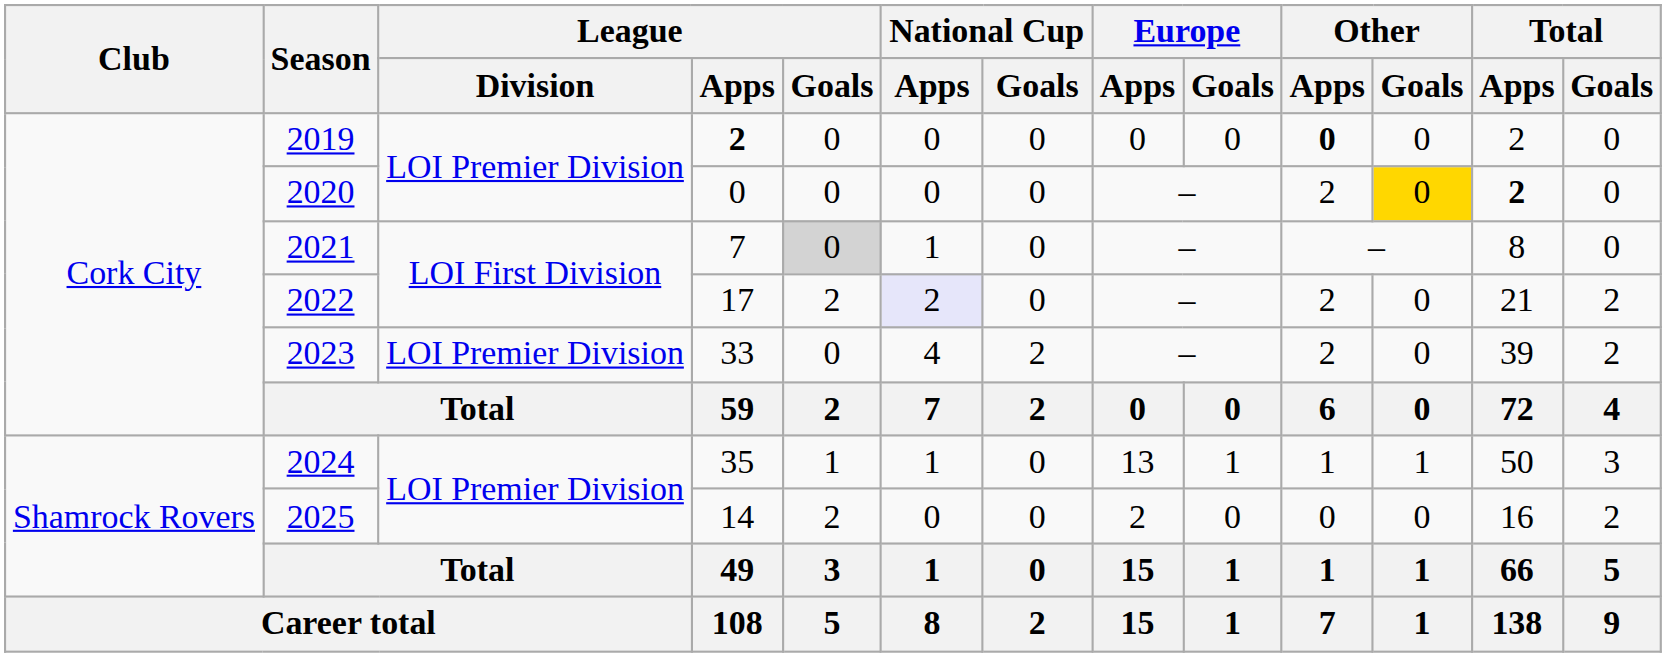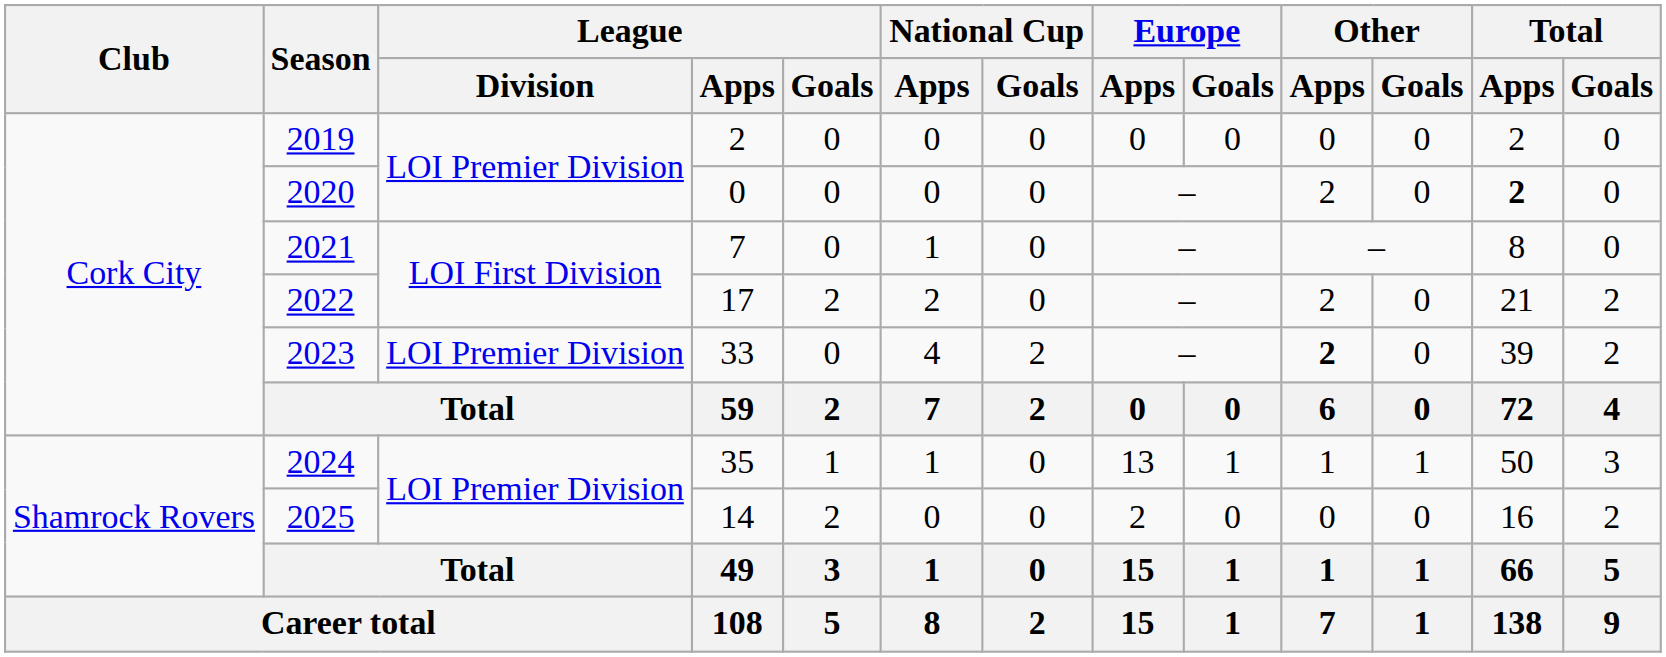 <table class=wikitable style="text-align: center">
 <tr>
 <th rowspan=2>Club</th>
 <th rowspan=2>Season</th>
 <th colspan=3>League</th>
 <th colspan=2>National Cup</th>
 <th colspan=2><a href='#'>Europe</a></th>
 <th colspan=2>Other</th>
 <th colspan=2>Total</th>
 </tr>
 <tr>
 <th>Division</th>
 <th>Apps</th>
 <th>Goals</th>
 <th>Apps</th>
 <th>Goals</th>
 <th>Apps</th>
 <th>Goals</th>
 <th>Apps</th>
 <th>Goals</th>
 <th>Apps</th>
 <th>Goals</th>
 </tr>
 <tr>
 <td rowspan="6"><a href='#'>Cork City</a></td>
 <td><a href='#'>2019</a></td>
 <td rowspan="2"><a href='#'>LOI Premier Division</a></td>
-<td><strong>2</strong></td>
+<td>2</td>
 <td>0</td>
 <td>0</td>
 <td>0</td>
 <td>0</td>
 <td>0</td>
-<td><strong>0</strong></td>
+<td>0</td>
 <td>0</td>
 <td>2</td>
 <td>0</td>
 </tr>
 <tr>
 <td><a href='#'>2020</a></td>
 <td>0</td>
 <td>0</td>
 <td>0</td>
 <td>0</td>
 <td colspan="2">–</td>
 <td>2</td>
-<td style="background: gold;">0</td>
+<td>0</td>
 <td><strong>2</strong></td>
 <td>0</td>
 </tr>
 <tr>
 <td><a href='#'>2021</a></td>
 <td rowspan="2"><a href='#'>LOI First Division</a></td>
 <td>7</td>
-<td style="background: lightgrey;">0</td>
+<td>0</td>
 <td>1</td>
 <td>0</td>
 <td colspan="2">–</td>
 <td colspan="2">–</td>
 <td>8</td>
 <td>0</td>
 </tr>
 <tr>
 <td><a href='#'>2022</a></td>
 <td>17</td>
 <td>2</td>
-<td style="background: lavender;">2</td>
+<td>2</td>
 <td>0</td>
 <td colspan="2">–</td>
 <td>2</td>
 <td>0</td>
 <td>21</td>
 <td>2</td>
 </tr>
 <tr>
 <td><a href='#'>2023</a></td>
 <td><a href='#'>LOI Premier Division</a></td>
 <td>33</td>
 <td>0</td>
 <td>4</td>
 <td>2</td>
 <td colspan="2">–</td>
-<td>2</td>
+<td><strong>2</strong></td>
 <td>0</td>
 <td>39</td>
 <td>2</td>
 </tr>
 <tr>
 <th colspan="2">Total</th>
 <th>59</th>
 <th>2</th>
 <th>7</th>
 <th>2</th>
 <th>0</th>
 <th>0</th>
 <th>6</th>
 <th>0</th>
 <th>72</th>
 <th>4</th>
 </tr>
 <tr>
 <td rowspan="3"><a href='#'>Shamrock Rovers</a></td>
 <td><a href='#'>2024</a></td>
 <td rowspan="2"><a href='#'>LOI Premier Division</a></td>
 <td>35</td>
 <td>1</td>
 <td>1</td>
 <td>0</td>
 <td>13</td>
 <td>1</td>
 <td>1</td>
 <td>1</td>
 <td>50</td>
 <td>3</td>
 </tr>
 <tr>
 <td><a href='#'>2025</a></td>
 <td>14</td>
 <td>2</td>
 <td>0</td>
 <td>0</td>
 <td>2</td>
 <td>0</td>
 <td>0</td>
 <td>0</td>
 <td>16</td>
 <td>2</td>
 </tr>
 <tr>
 <th colspan="2">Total</th>
 <th>49</th>
 <th>3</th>
 <th>1</th>
 <th>0</th>
 <th>15</th>
 <th>1</th>
 <th>1</th>
 <th>1</th>
 <th>66</th>
 <th>5</th>
 </tr>
 <tr>
 <th colspan="3">Career total</th>
 <th>108</th>
 <th>5</th>
 <th>8</th>
 <th>2</th>
 <th>15</th>
 <th>1</th>
 <th>7</th>
 <th>1</th>
 <th>138</th>
 <th>9</th>
 </tr>
 </table>
